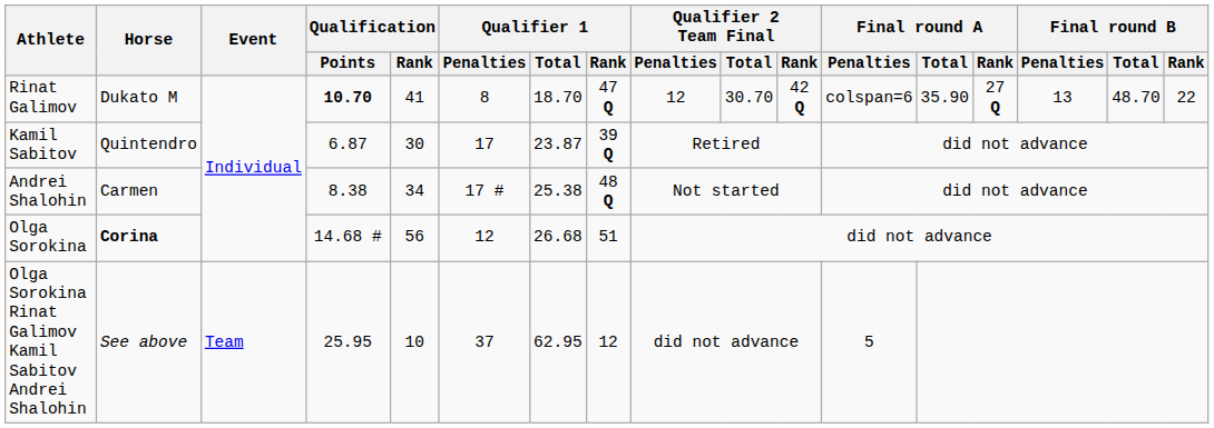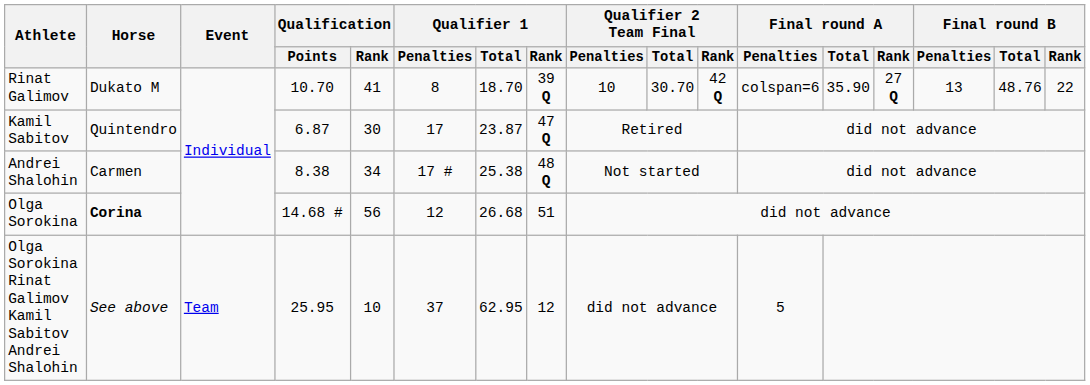 <table class=wikitable style=font-size:90%;text-align:center>
 <tr>
 <th rowspan=2>Athlete</th>
 <th rowspan=2>Horse</th>
 <th rowspan=2>Event</th>
 <th colspan=2>Qualification</th>
 <th colspan=3>Qualifier 1</th>
 <th colspan=3>Qualifier 2<br>Team Final</th>
 <th colspan=3>Final round A</th>
 <th colspan=3>Final round B</th>
 </tr>
 <tr style="font-size:95%">
 <th>Points</th>
 <th>Rank</th>
 <th>Penalties</th>
 <th>Total</th>
 <th>Rank</th>
 <th>Penalties</th>
 <th>Total</th>
 <th>Rank</th>
 <th>Penalties</th>
 <th>Total</th>
 <th>Rank</th>
 <th>Penalties</th>
 <th>Total</th>
 <th>Rank</th>
 </tr>
 <tr>
 <td align=left>Rinat Galimov</td>
 <td align=left>Dukato M</td>
 <td align=left rowspan=4><a href='#'>Individual</a></td>
-<td><strong>10.70</strong></td>
+<td>10.70</td>
 <td>41</td>
 <td>8</td>
 <td>18.70</td>
-<td>47 <strong>Q</strong></td>
-<td>12</td>
+<td>39 <strong>Q</strong></td>
+<td>10</td>
 <td>30.70</td>
 <td>42 <strong>Q</strong></td>
 <td>colspan=6 </td>
 <td>35.90</td>
 <td>27 <strong>Q</strong></td>
 <td>13</td>
-<td>48.70</td>
+<td>48.76</td>
 <td>22</td>
 </tr>
 <tr>
 <td align=left>Kamil Sabitov</td>
 <td align=left>Quintendro</td>
 <td>6.87</td>
 <td>30</td>
 <td>17</td>
 <td>23.87</td>
-<td>39 <strong>Q</strong></td>
+<td>47 <strong>Q</strong></td>
 <td colspan=3>Retired</td>
 <td colspan=6>did not advance</td>
 </tr>
 <tr>
 <td align=left>Andrei Shalohin</td>
 <td align=left>Carmen</td>
 <td>8.38</td>
 <td>34</td>
 <td>17 #</td>
 <td>25.38</td>
 <td>48 <strong>Q</strong></td>
 <td colspan=3>Not started</td>
 <td colspan=6>did not advance</td>
 </tr>
 <tr>
 <td align=left>Olga Sorokina</td>
 <td align=left><strong>Corina</strong></td>
 <td>14.68 #</td>
 <td>56</td>
 <td>12</td>
 <td>26.68</td>
 <td>51</td>
 <td colspan=9>did not advance</td>
 </tr>
 <tr>
 <td align=left>Olga Sorokina<br>Rinat Galimov<br>Kamil Sabitov<br>Andrei Shalohin</td>
 <td align=left><em>See above</em></td>
 <td align=left><a href='#'>Team</a></td>
 <td>25.95</td>
 <td>10</td>
 <td>37</td>
 <td>62.95</td>
 <td>12</td>
 <td colspan=3>did not advance</td>
 <td>5</td>
 </tr>
 </table>
